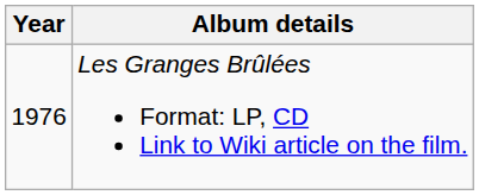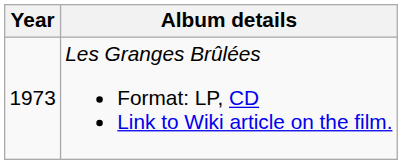 <table class="wikitable" style="text-align:center;">
 <tr>
 <th scope="col">Year</th>
 <th scope="col">Album details</th>
 </tr>
 <tr>
-<td>1976</td>
+<td>1973</td>
 <td style="text-align:left;"><em>Les Granges Brûlées</em><br><ul><li>Format: LP, <a href='#'>CD</a></li><li><a href='#'>Link to Wiki article on the film.</a></li></ul></td>
 </tr>
 </table>
